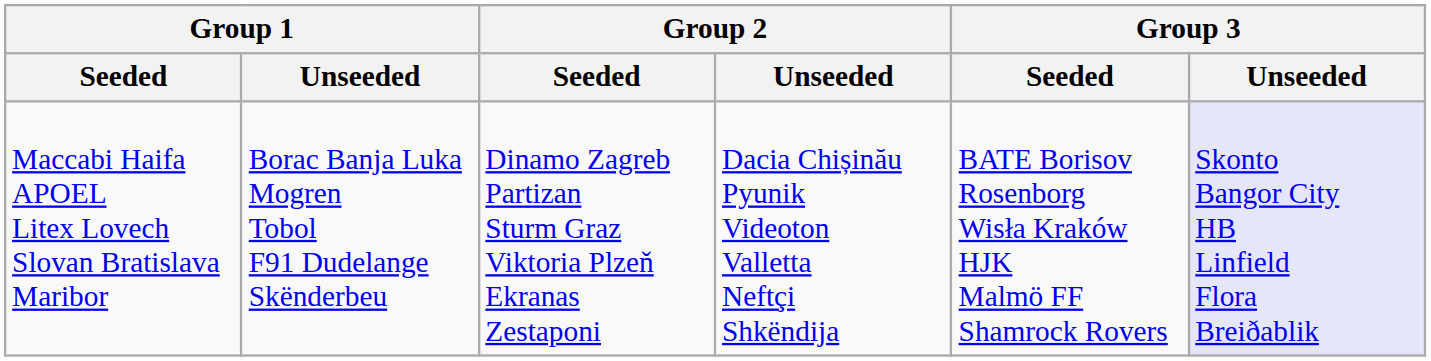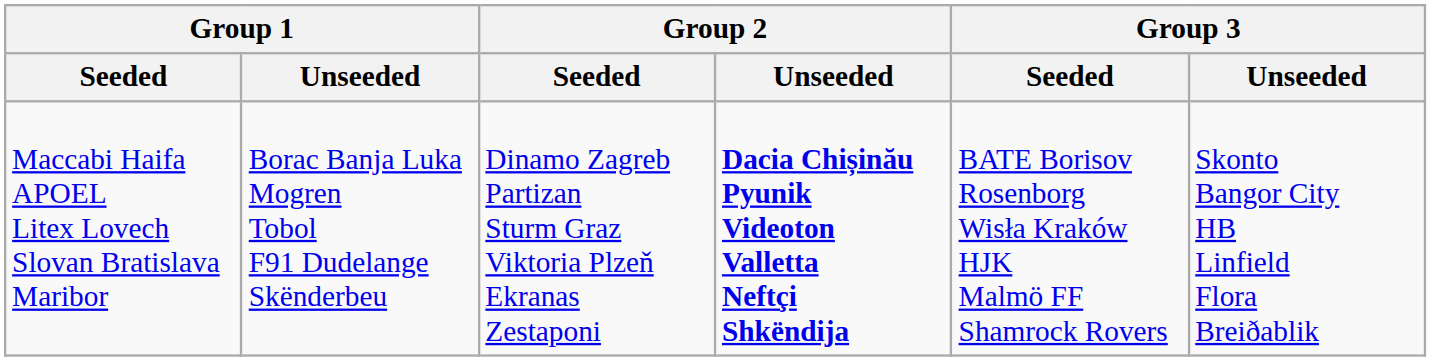 <table class="wikitable" style="font-size:80%">
 <tr>
 <th colspan=2>Group 1</th>
 <th colspan=2>Group 2</th>
 <th colspan=2>Group 3</th>
 </tr>
 <tr>
 <th width=16%>Seeded</th>
 <th width=16%>Unseeded</th>
 <th width=16%>Seeded</th>
 <th width=16%>Unseeded</th>
 <th width=16%>Seeded</th>
 <th width=16%>Unseeded</th>
 </tr>
 <tr>
 <td valign=top><br> <a href='#'>Maccabi Haifa</a><br>  <a href='#'>APOEL</a><br>  <a href='#'>Litex Lovech</a><br>  <a href='#'>Slovan Bratislava</a><br>  <a href='#'>Maribor</a></td>
 <td valign=top><br> <a href='#'>Borac Banja Luka</a><br>  <a href='#'>Mogren</a><br>  <a href='#'>Tobol</a><br>  <a href='#'>F91 Dudelange</a><br>  <a href='#'>Skënderbeu</a></td>
 <td valign=top><br> <a href='#'>Dinamo Zagreb</a><br>  <a href='#'>Partizan</a><br>  <a href='#'>Sturm Graz</a><br>  <a href='#'>Viktoria Plzeň</a><br>  <a href='#'>Ekranas</a><br>  <a href='#'>Zestaponi</a></td>
-<td valign=top><br> <a href='#'>Dacia Chișinău</a><br>  <a href='#'>Pyunik</a><br>  <a href='#'>Videoton</a><br>  <a href='#'>Valletta</a><br>  <a href='#'>Neftçi</a><br>  <a href='#'>Shkëndija</a></td>
+<td valign=top><strong><br> <a href='#'>Dacia Chișinău</a><br>  <a href='#'>Pyunik</a><br>  <a href='#'>Videoton</a><br>  <a href='#'>Valletta</a><br>  <a href='#'>Neftçi</a><br>  <a href='#'>Shkëndija</a></strong></td>
 <td valign=top><br> <a href='#'>BATE Borisov</a><br>  <a href='#'>Rosenborg</a><br>  <a href='#'>Wisła Kraków</a><br>  <a href='#'>HJK</a><br>  <a href='#'>Malmö FF</a><br>  <a href='#'>Shamrock Rovers</a></td>
-<td valign=top style="background: lavender;"><br> <a href='#'>Skonto</a><br>  <a href='#'>Bangor City</a><br>  <a href='#'>HB</a><br>  <a href='#'>Linfield</a><br>  <a href='#'>Flora</a><br>  <a href='#'>Breiðablik</a></td>
+<td valign=top><br> <a href='#'>Skonto</a><br>  <a href='#'>Bangor City</a><br>  <a href='#'>HB</a><br>  <a href='#'>Linfield</a><br>  <a href='#'>Flora</a><br>  <a href='#'>Breiðablik</a></td>
 </tr>
 </table>
